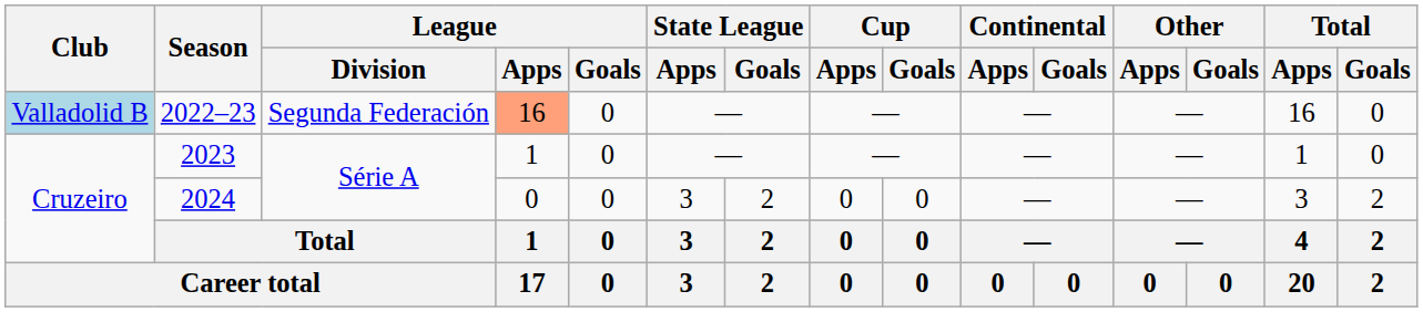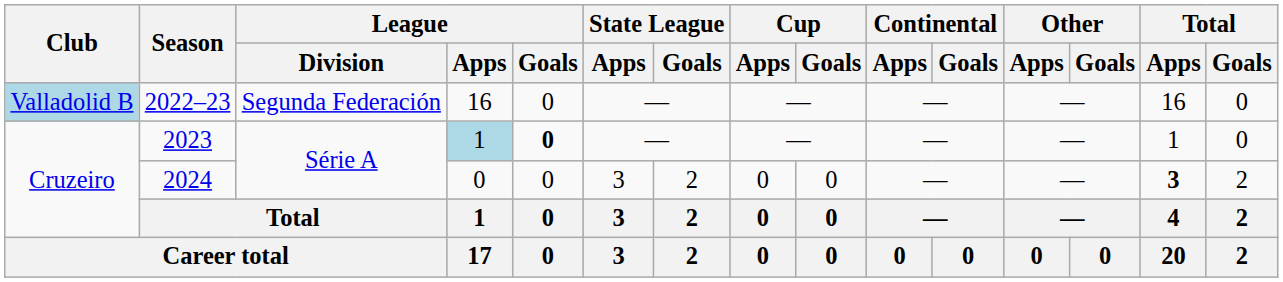 <table class="wikitable" style="text-align: center;">
 <tr>
 <th rowspan="2">Club</th>
 <th rowspan="2">Season</th>
 <th colspan="3">League</th>
 <th colspan="2">State League</th>
 <th colspan="2">Cup</th>
 <th colspan="2">Continental</th>
 <th colspan="2">Other</th>
 <th colspan="2">Total</th>
 </tr>
 <tr>
 <th>Division</th>
 <th>Apps</th>
 <th>Goals</th>
 <th>Apps</th>
 <th>Goals</th>
 <th>Apps</th>
 <th>Goals</th>
 <th>Apps</th>
 <th>Goals</th>
 <th>Apps</th>
 <th>Goals</th>
 <th>Apps</th>
 <th>Goals</th>
 </tr>
 <tr>
 <td style="background: lightblue;"><a href='#'>Valladolid B</a></td>
 <td><a href='#'>2022–23</a></td>
 <td><a href='#'>Segunda Federación</a></td>
-<td style="background: lightsalmon;">16</td>
+<td>16</td>
 <td>0</td>
 <td colspan="2">—</td>
 <td colspan="2">—</td>
 <td colspan="2">—</td>
 <td colspan="2">—</td>
 <td>16</td>
 <td>0</td>
 </tr>
 <tr>
 <td rowspan="3"><a href='#'>Cruzeiro</a></td>
 <td><a href='#'>2023</a></td>
 <td rowspan="2"><a href='#'>Série A</a></td>
-<td>1</td>
-<td>0</td>
+<td style="background: lightblue;">1</td>
+<td><strong>0</strong></td>
 <td colspan="2">—</td>
 <td colspan="2">—</td>
 <td colspan="2">—</td>
 <td colspan="2">—</td>
 <td>1</td>
 <td>0</td>
 </tr>
 <tr>
 <td><a href='#'>2024</a></td>
 <td>0</td>
 <td>0</td>
 <td>3</td>
 <td>2</td>
 <td>0</td>
 <td>0</td>
 <td colspan="2">—</td>
 <td colspan="2">—</td>
-<td>3</td>
+<td><strong>3</strong></td>
 <td>2</td>
 </tr>
 <tr>
 <th colspan="2">Total</th>
 <th>1</th>
 <th>0</th>
 <th>3</th>
 <th>2</th>
 <th>0</th>
 <th>0</th>
 <th colspan="2">—</th>
 <th colspan="2">—</th>
 <th>4</th>
 <th>2</th>
 </tr>
 <tr>
 <th colspan="3"><strong>Career total</strong></th>
 <th>17</th>
 <th>0</th>
 <th>3</th>
 <th>2</th>
 <th>0</th>
 <th>0</th>
 <th>0</th>
 <th>0</th>
 <th>0</th>
 <th>0</th>
 <th>20</th>
 <th>2</th>
 </tr>
 </table>
